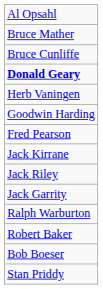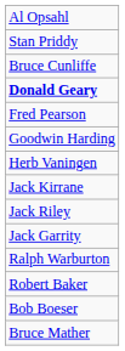 <table class=wikitable style=font-size:90%>
 <tr>
 <td><a href='#'>Al Opsahl</a></td>
 </tr>
 <tr>
-<td><a href='#'>Bruce Mather</a></td>
+<td><a href='#'>Stan Priddy</a></td>
 </tr>
 <tr>
 <td><a href='#'>Bruce Cunliffe</a></td>
 </tr>
 <tr>
 <td><strong><a href='#'>Donald Geary</a></strong></td>
 </tr>
 <tr>
-<td><a href='#'>Herb Vaningen</a></td>
+<td><a href='#'>Fred Pearson</a></td>
 </tr>
 <tr>
 <td><a href='#'>Goodwin Harding</a></td>
 </tr>
 <tr>
-<td><a href='#'>Fred Pearson</a></td>
+<td><a href='#'>Herb Vaningen</a></td>
 </tr>
 <tr>
 <td><a href='#'>Jack Kirrane</a></td>
 </tr>
 <tr>
 <td><a href='#'>Jack Riley</a></td>
 </tr>
 <tr>
 <td><a href='#'>Jack Garrity</a></td>
 </tr>
 <tr>
 <td><a href='#'>Ralph Warburton</a></td>
 </tr>
 <tr>
 <td><a href='#'>Robert Baker</a></td>
 </tr>
 <tr>
 <td><a href='#'>Bob Boeser</a></td>
 </tr>
 <tr>
-<td><a href='#'>Stan Priddy</a></td>
+<td><a href='#'>Bruce Mather</a></td>
 </tr>
 </table>
